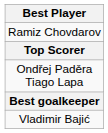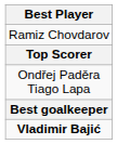 <table class="wikitable" style="margin:auto;text-align:center">
 <tr>
 <th>Best Player</th>
 </tr>
 <tr>
 <td> Ramiz Chovdarov</td>
 </tr>
 <tr>
 <th>Top Scorer</th>
 </tr>
 <tr>
 <td> Ondřej Paděra<br> Tiago Lapa<br></td>
 </tr>
 <tr>
 <th>Best goalkeeper</th>
 </tr>
 <tr>
-<td> Vladimir Bajić</td>
+<td><strong> Vladimir Bajić</strong></td>
 </tr>
 </table>
